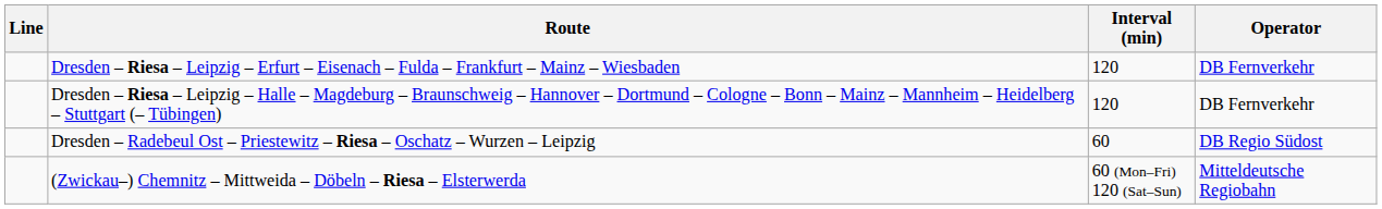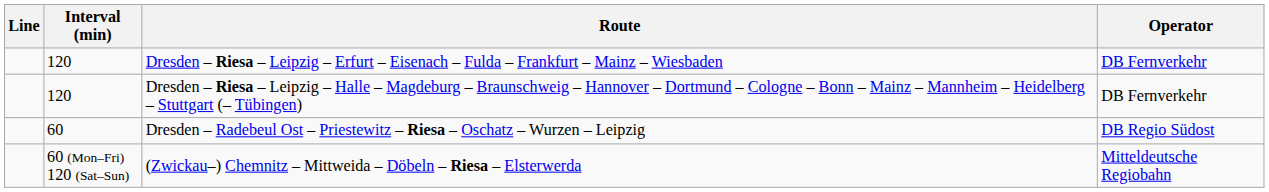 <table class="wikitable">
 <tr>
 <th>Line</th>
+<th>Interval (min)</th>
 <th>Route</th>
-<th>Interval (min)</th>
 <th>Operator</th>
 </tr>
 <tr>
 <td align="center"></td>
+<td>120</td>
 <td><a href='#'>Dresden</a> – <strong>Riesa</strong> – <a href='#'>Leipzig</a> – <a href='#'>Erfurt</a> – <a href='#'>Eisenach</a> – <a href='#'>Fulda</a> – <a href='#'>Frankfurt</a> – <a href='#'>Mainz</a> – <a href='#'>Wiesbaden</a></td>
-<td>120</td>
 <td><a href='#'>DB Fernverkehr</a></td>
 </tr>
 <tr>
 <td align="center"></td>
+<td>120</td>
 <td>Dresden – <strong>Riesa</strong> – Leipzig – <a href='#'>Halle</a> – <a href='#'>Magdeburg</a> – <a href='#'>Braunschweig</a> – <a href='#'>Hannover</a> – <a href='#'>Dortmund</a> – <a href='#'>Cologne</a> – <a href='#'>Bonn</a> – <a href='#'>Mainz</a> – <a href='#'>Mannheim</a> – <a href='#'>Heidelberg</a> – <a href='#'>Stuttgart</a> (– <a href='#'>Tübingen</a>)</td>
-<td>120</td>
 <td>DB Fernverkehr</td>
 </tr>
 <tr>
 <td align="center"></td>
+<td>60</td>
 <td>Dresden – <a href='#'>Radebeul Ost</a> – <a href='#'>Priestewitz</a> – <strong>Riesa</strong> – <a href='#'>Oschatz</a> – Wurzen – Leipzig</td>
-<td>60</td>
 <td><a href='#'>DB Regio Südost</a></td>
 </tr>
 <tr>
 <td align="center"></td>
+<td>60 <small>(Mon–Fri)</small><br>120 <small>(Sat–Sun)</small></td>
 <td>(<a href='#'>Zwickau</a>–) <a href='#'>Chemnitz</a> – Mittweida – <a href='#'>Döbeln</a> – <strong>Riesa</strong> – <a href='#'>Elsterwerda</a></td>
-<td>60 <small>(Mon–Fri)</small><br>120 <small>(Sat–Sun)</small></td>
 <td><a href='#'>Mitteldeutsche Regiobahn</a></td>
 </tr>
 </table>
